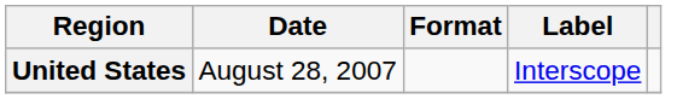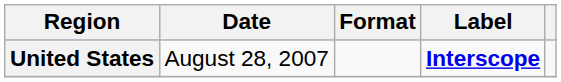 <table class="wikitable plainrowheaders">
 <tr>
 <th scope="col">Region</th>
 <th scope="col">Date</th>
 <th scope="col">Format</th>
 <th scope="col">Label</th>
 <th scope="col"></th>
 </tr>
 <tr>
 <th scope="row">United States</th>
 <td>August 28, 2007</td>
 <td></td>
-<td><a href='#'>Interscope</a></td>
+<td><strong><a href='#'>Interscope</a></strong></td>
 <td></td>
 </tr>
 <tr>
 </tr>
 </table>
